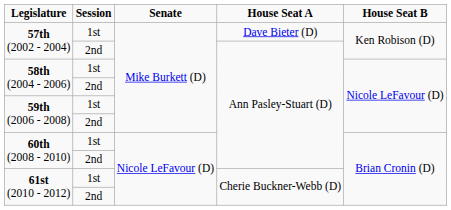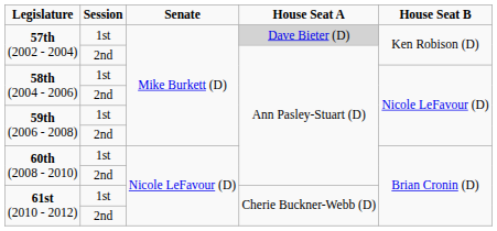 <table class=wikitable style="text-align:center">
 <tr>
 <td><strong>Legislature</strong></td>
 <td><strong>Session</strong></td>
 <td><strong>Senate</strong></td>
 <td><strong>House Seat A</strong></td>
 <td><strong>House Seat B</strong></td>
 </tr>
 <tr>
 <td rowspan="2" colspan="1" style="text-align: center;"><strong>57th</strong> <br> (2002 - 2004)</td>
 <td>1st</td>
 <td rowspan="6" colspan="1" style="text-align: center;" ><a href='#'>Mike Burkett</a> (D)</td>
-<td rowspan="1" colspan="1" style="text-align: center;" ><a href='#'>Dave Bieter</a> (D)</td>
+<td rowspan="1" colspan="1" style="background: lightgrey; text-align: center;" ><a href='#'>Dave Bieter</a> (D)</td>
 <td rowspan="2" colspan="1" style="text-align: center;" >Ken Robison (D)</td>
 </tr>
 <tr>
 <td>2nd</td>
 <td rowspan="7" colspan="1" style="text-align: center;" >Ann Pasley-Stuart (D)</td>
 </tr>
 <tr>
 <td rowspan="2" colspan="1" style="text-align: center;"><strong>58th</strong> <br> (2004 - 2006)</td>
 <td>1st</td>
 <td rowspan="4" colspan="1" style="text-align: center;" ><a href='#'>Nicole LeFavour</a> (D)</td>
 </tr>
 <tr>
 <td>2nd</td>
 </tr>
 <tr>
 <td rowspan="2" colspan="1" style="text-align: center;"><strong>59th</strong> <br> (2006 - 2008)</td>
 <td>1st</td>
 </tr>
 <tr>
 <td>2nd</td>
 </tr>
 <tr>
 <td rowspan="2" colspan="1" style="text-align: center;"><strong>60th</strong> <br> (2008 - 2010)</td>
 <td>1st</td>
 <td rowspan="4" colspan="1" style="text-align: center;" ><a href='#'>Nicole LeFavour</a> (D)</td>
 <td rowspan="4" colspan="1" style="text-align: center;" ><a href='#'>Brian Cronin</a> (D)</td>
 </tr>
 <tr>
 <td>2nd</td>
 </tr>
 <tr>
 <td rowspan="2" colspan="1" style="text-align: center;"><strong>61st</strong> <br> (2010 - 2012)</td>
 <td>1st</td>
 <td rowspan="2" colspan="1" style="text-align: center;" >Cherie Buckner-Webb (D)</td>
 </tr>
 <tr>
 <td>2nd</td>
 </tr>
 </table>
